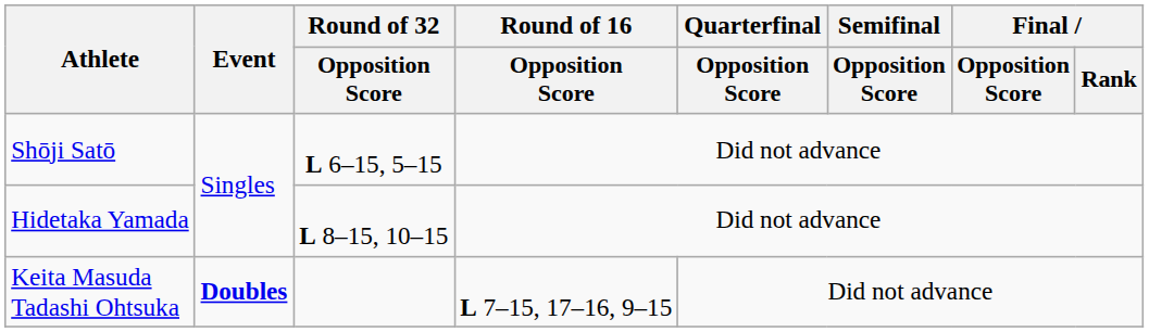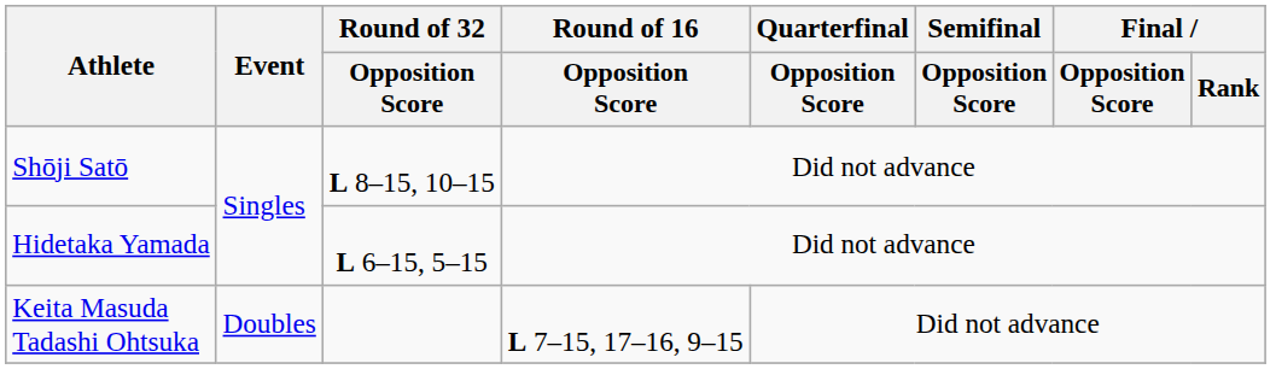 <table class=wikitable style="font-size:90%">
 <tr>
 <th rowspan="2">Athlete</th>
 <th rowspan="2">Event</th>
 <th>Round of 32</th>
 <th>Round of 16</th>
 <th>Quarterfinal</th>
 <th>Semifinal</th>
 <th colspan=2>Final / </th>
 </tr>
 <tr style="font-size:95%">
 <th>Opposition<br>Score</th>
 <th>Opposition<br>Score</th>
 <th>Opposition<br>Score</th>
 <th>Opposition<br>Score</th>
 <th>Opposition<br>Score</th>
 <th>Rank</th>
 </tr>
 <tr align=center>
 <td align=left><a href='#'>Shōji Satō</a></td>
 <td align=left rowspan=2><a href='#'>Singles</a></td>
+<td><br><strong>L</strong> 8–15, 10–15</td>
+<td colspan=5>Did not advance</td>
+</tr>
+<tr align=center>
+<td align=left><a href='#'>Hidetaka Yamada</a></td>
 <td><br><strong>L</strong> 6–15, 5–15</td>
 <td colspan=5>Did not advance</td>
 </tr>
 <tr align=center>
-<td align=left><a href='#'>Hidetaka Yamada</a></td>
-<td><br><strong>L</strong> 8–15, 10–15</td>
-<td colspan=5>Did not advance</td>
-</tr>
-<tr align=center>
 <td align=left><a href='#'>Keita Masuda</a><br><a href='#'>Tadashi Ohtsuka</a></td>
-<td align=left><strong><a href='#'>Doubles</a></strong></td>
+<td align=left><a href='#'>Doubles</a></td>
 <td></td>
 <td><br><strong>L</strong> 7–15, 17–16, 9–15</td>
 <td colspan=4>Did not advance</td>
 </tr>
 </table>
